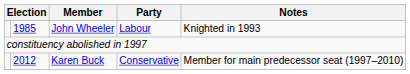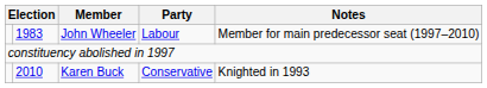 <table class="wikitable">
 <tr>
 <th colspan="2">Election</th>
 <th>Member</th>
 <th>Party</th>
 <th>Notes</th>
 </tr>
 <tr>
 <td style="color:inherit;background-color: "></td>
-<td><a href='#'>1985</a></td>
+<td><a href='#'>1983</a></td>
 <td><a href='#'>John Wheeler</a></td>
 <td><a href='#'>Labour</a></td>
-<td>Knighted in 1993</td>
+<td>Member for main predecessor seat (1997–2010)</td>
 </tr>
 <tr>
 <td colspan="5"><em>constituency abolished in 1997</em></td>
 </tr>
 <tr>
 <td style="color:inherit;background-color: "></td>
-<td><a href='#'>2012</a></td>
+<td><a href='#'>2010</a></td>
 <td><a href='#'>Karen Buck</a></td>
 <td><a href='#'>Conservative</a></td>
-<td>Member for main predecessor seat (1997–2010)</td>
+<td>Knighted in 1993</td>
 </tr>
 </table>
